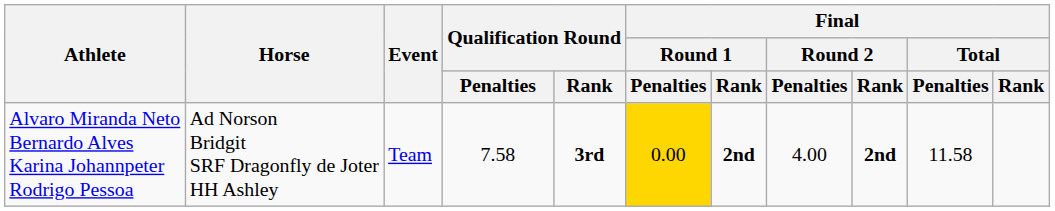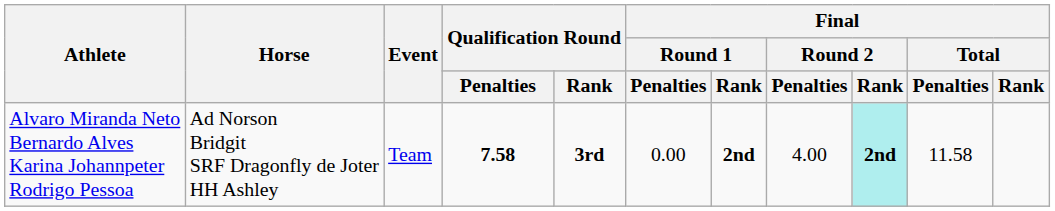 <table class=wikitable style="font-size:90%">
 <tr>
 <th rowspan=3>Athlete</th>
 <th rowspan=3>Horse</th>
 <th rowspan=3>Event</th>
 <th colspan=2 rowspan=2>Qualification Round</th>
 <th colspan=8>Final</th>
 </tr>
 <tr>
 <th colspan=2>Round 1</th>
 <th colspan=2>Round 2</th>
 <th colspan=2>Total</th>
 </tr>
 <tr>
 <th>Penalties</th>
 <th>Rank</th>
 <th>Penalties</th>
 <th>Rank</th>
 <th>Penalties</th>
 <th>Rank</th>
 <th>Penalties</th>
 <th>Rank</th>
 </tr>
 <tr>
 <td><a href='#'>Alvaro Miranda Neto</a><br><a href='#'>Bernardo Alves</a><br><a href='#'>Karina Johannpeter</a><br><a href='#'>Rodrigo Pessoa</a></td>
 <td>Ad Norson<br>Bridgit<br>SRF Dragonfly de Joter<br>HH Ashley</td>
 <td><a href='#'>Team</a></td>
-<td align=center>7.58</td>
+<td align=center><strong>7.58</strong></td>
 <td align=center><strong>3rd</strong></td>
-<td align=center style="background: gold;">0.00</td>
+<td align=center>0.00</td>
 <td align=center><strong>2nd</strong></td>
 <td align=center>4.00</td>
-<td align=center><strong>2nd</strong></td>
+<td align=center style="background: paleturquoise;"><strong>2nd</strong></td>
 <td align=center>11.58</td>
 <td align=center></td>
 </tr>
 </table>
